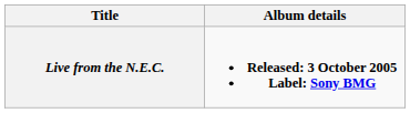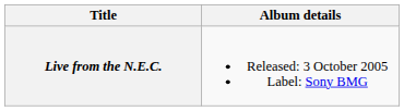 <table class="wikitable plainrowheaders" style="text-align:center;">
 <tr>
 <th scope="col" style="width:14em;">Title</th>
 <th scope="col" style="width:14em;">Album details</th>
 </tr>
 <tr>
 <th scope="row"><em>Live from the N.E.C.</em></th>
-<td><strong><br><ul><li>Released: 3 October 2005</li><li>Label: <a href='#'>Sony BMG</a></li></ul></strong></td>
+<td><br><ul><li>Released: 3 October 2005</li><li>Label: <a href='#'>Sony BMG</a></li></ul></td>
 </tr>
 </table>
